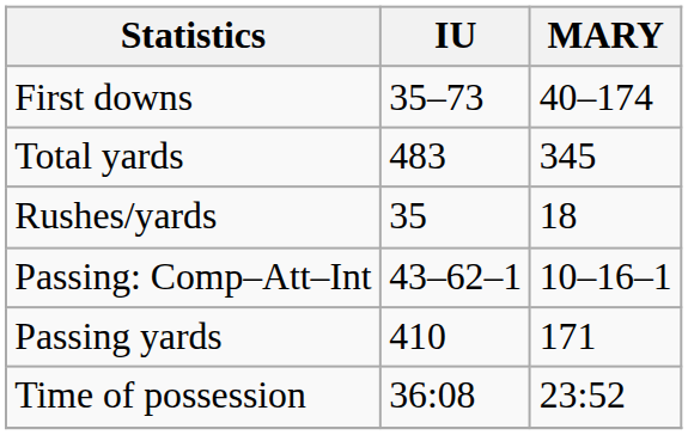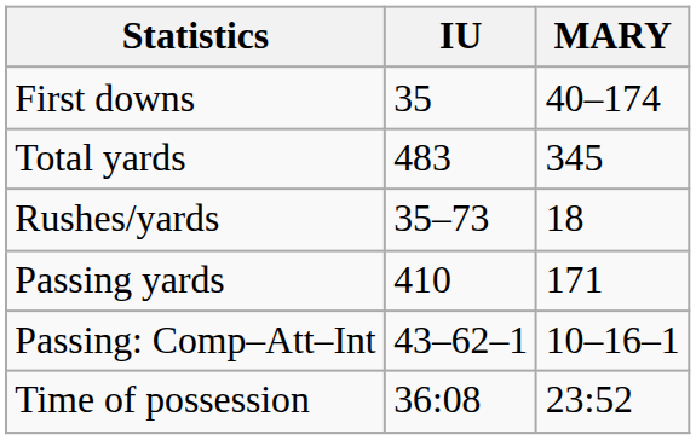 <table class="wikitable" style="float: left;">
 <tr>
 <th>Statistics</th>
 <th>IU</th>
 <th>MARY</th>
 </tr>
 <tr>
 <td>First downs</td>
-<td>35–73</td>
+<td>35</td>
 <td>40–174</td>
 </tr>
 <tr>
 <td>Total yards</td>
 <td>483</td>
 <td>345</td>
 </tr>
 <tr>
 <td>Rushes/yards</td>
-<td>35</td>
+<td>35–73</td>
 <td>18</td>
+</tr>
+<tr>
+<td>Passing yards</td>
+<td>410</td>
+<td>171</td>
 </tr>
 <tr>
 <td>Passing: Comp–Att–Int</td>
 <td>43–62–1</td>
 <td>10–16–1</td>
-</tr>
-<tr>
-<td>Passing yards</td>
-<td>410</td>
-<td>171</td>
 </tr>
 <tr>
 <td>Time of possession</td>
 <td>36:08</td>
 <td>23:52</td>
 </tr>
 <tr>
 </tr>
 </table>
